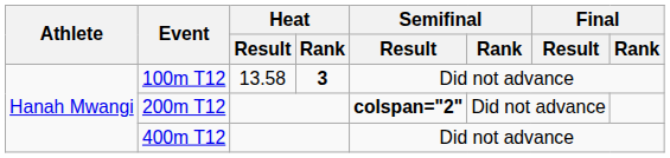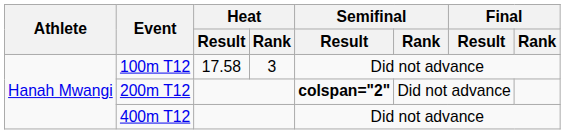 <table class="wikitable">
 <tr>
 <th rowspan="2">Athlete</th>
 <th rowspan="2">Event</th>
 <th colspan="2">Heat</th>
 <th colspan="2">Semifinal</th>
 <th colspan="2">Final</th>
 </tr>
 <tr>
 <th>Result</th>
 <th>Rank</th>
 <th>Result</th>
 <th>Rank</th>
 <th>Result</th>
 <th>Rank</th>
 </tr>
 <tr align=center>
 <td align=left rowspan=3><a href='#'>Hanah Mwangi</a></td>
 <td align=left><a href='#'>100m T12</a></td>
-<td>13.58</td>
-<td><strong>3</strong></td>
+<td>17.58</td>
+<td>3</td>
 <td colspan="4">Did not advance</td>
 </tr>
 <tr align=center>
 <td align=left><a href='#'>200m T12</a></td>
 <td colspan=2></td>
 <td><strong>colspan="2" </strong></td>
 <td colspan=2>Did not advance</td>
 </tr>
 <tr align=center>
 <td align=left><a href='#'>400m T12</a></td>
 <td colspan=2></td>
 <td colspan=4>Did not advance</td>
 </tr>
 </table>
